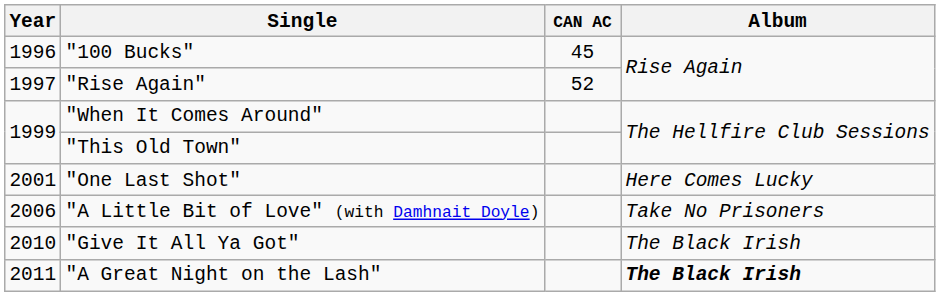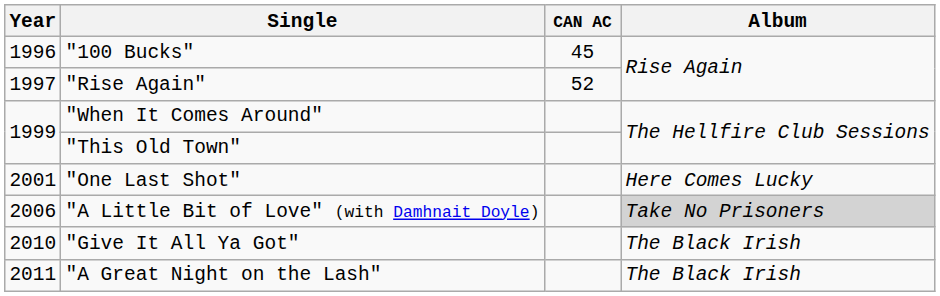 <table class="wikitable">
 <tr>
 <th>Year</th>
 <th>Single</th>
 <th style="width:45px;"><small>CAN AC</small></th>
 <th>Album</th>
 </tr>
 <tr>
 <td>1996</td>
 <td>"100 Bucks"</td>
 <td style="text-align:center;">45</td>
 <td rowspan="2"><em>Rise Again</em></td>
 </tr>
 <tr>
 <td>1997</td>
 <td>"Rise Again"</td>
 <td style="text-align:center;">52</td>
 </tr>
 <tr>
 <td rowspan="2">1999</td>
 <td>"When It Comes Around"</td>
 <td></td>
 <td rowspan="2"><em>The Hellfire Club Sessions</em></td>
 </tr>
 <tr>
 <td>"This Old Town"</td>
 <td></td>
 </tr>
 <tr>
 <td>2001</td>
 <td>"One Last Shot"</td>
 <td></td>
 <td><em>Here Comes Lucky</em></td>
 </tr>
 <tr>
 <td>2006</td>
 <td>"A Little Bit of Love" <small>(with <a href='#'>Damhnait Doyle</a>)</small></td>
 <td></td>
-<td><em>Take No Prisoners</em></td>
+<td style="background: lightgrey;"><em>Take No Prisoners</em></td>
 </tr>
 <tr>
 <td>2010</td>
 <td>"Give It All Ya Got"</td>
 <td></td>
 <td><em>The Black Irish</em></td>
 </tr>
 <tr>
 <td>2011</td>
 <td>"A Great Night on the Lash"</td>
 <td></td>
-<td><strong><em>The Black Irish</em></strong></td>
+<td><em>The Black Irish</em></td>
 </tr>
 </table>
